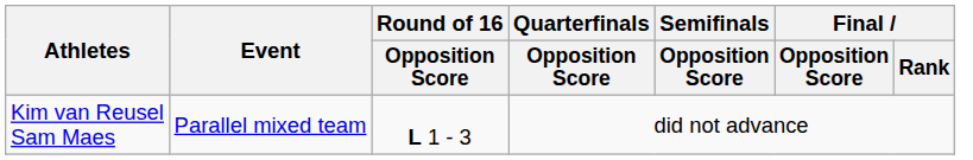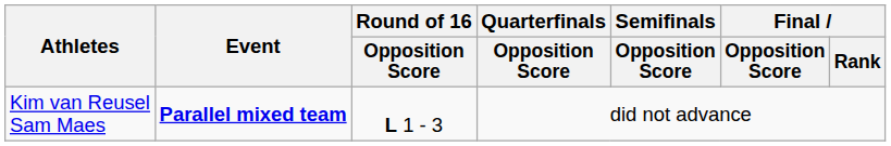 <table class="wikitable" style="font-size:90%">
 <tr>
 <th rowspan="2">Athletes</th>
 <th rowspan="2">Event</th>
 <th>Round of 16</th>
 <th>Quarterfinals</th>
 <th>Semifinals</th>
 <th colspan="2">Final / </th>
 </tr>
 <tr style="font-size:95%">
 <th>Opposition<br>Score</th>
 <th>Opposition<br>Score</th>
 <th>Opposition<br>Score</th>
 <th>Opposition<br>Score</th>
 <th>Rank</th>
 </tr>
 <tr align=center>
 <td align=left><a href='#'>Kim van Reusel</a><br><a href='#'>Sam Maes</a></td>
-<td align=left><a href='#'>Parallel mixed team</a></td>
+<td align=left><strong><a href='#'>Parallel mixed team</a></strong></td>
 <td><br><strong>L</strong> 1 - 3</td>
 <td colspan=4>did not advance</td>
 </tr>
 </table>
